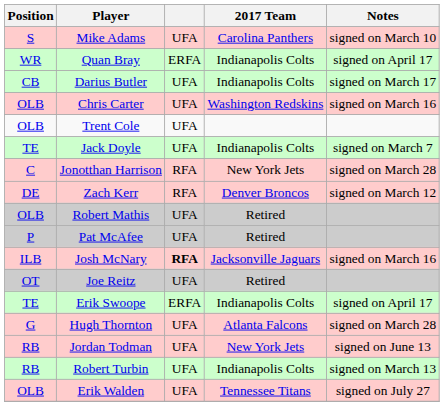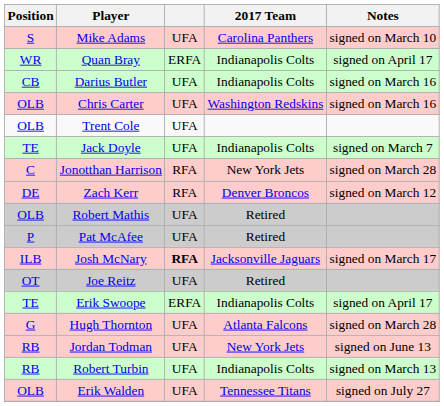 <table class="wikitable" style="font-size: 95%; text-align: center">
 <tr>
 <th>Position</th>
 <th>Player</th>
 <th></th>
 <th>2017 Team</th>
 <th>Notes</th>
 </tr>
 <tr style="background:#fcc">
 <td><a href='#'>S</a></td>
 <td><a href='#'>Mike Adams</a></td>
 <td>UFA</td>
 <td><a href='#'>Carolina Panthers</a></td>
 <td>signed on March 10</td>
 </tr>
 <tr style="background:#cfc">
 <td><a href='#'>WR</a></td>
 <td><a href='#'>Quan Bray</a></td>
 <td>ERFA</td>
 <td>Indianapolis Colts</td>
 <td>signed on April 17</td>
 </tr>
 <tr style="background:#cfc">
 <td><a href='#'>CB</a></td>
 <td><a href='#'>Darius Butler</a></td>
 <td>UFA</td>
 <td>Indianapolis Colts</td>
-<td>signed on March 17</td>
+<td>signed on March 16</td>
 </tr>
 <tr style="background:#fcc">
 <td><a href='#'>OLB</a></td>
 <td><a href='#'>Chris Carter</a></td>
 <td>UFA</td>
 <td><a href='#'>Washington Redskins</a></td>
 <td>signed on March 16</td>
 </tr>
 <tr>
 <td><a href='#'>OLB</a></td>
 <td><a href='#'>Trent Cole</a></td>
 <td>UFA</td>
 <td></td>
 <td></td>
 </tr>
 <tr style="background:#cfc">
 <td><a href='#'>TE</a></td>
 <td><a href='#'>Jack Doyle</a></td>
 <td>UFA</td>
 <td>Indianapolis Colts</td>
 <td>signed on March 7</td>
 </tr>
 <tr style="background:#fcc">
 <td><a href='#'>C</a></td>
 <td><a href='#'>Jonotthan Harrison</a></td>
 <td>RFA</td>
 <td>New York Jets</td>
 <td>signed on March 28</td>
 </tr>
 <tr style="background:#fcc">
 <td><a href='#'>DE</a></td>
 <td><a href='#'>Zach Kerr</a></td>
 <td>RFA</td>
 <td><a href='#'>Denver Broncos</a></td>
 <td>signed on March 12</td>
 </tr>
 <tr style="background:#ccc">
 <td><a href='#'>OLB</a></td>
 <td><a href='#'>Robert Mathis</a></td>
 <td>UFA</td>
 <td>Retired</td>
 <td></td>
 </tr>
 <tr style="background:#ccc">
 <td><a href='#'>P</a></td>
 <td><a href='#'>Pat McAfee</a></td>
 <td>UFA</td>
 <td>Retired</td>
 <td></td>
 </tr>
 <tr style="background:#fcc">
 <td><a href='#'>ILB</a></td>
 <td><a href='#'>Josh McNary</a></td>
 <td><strong>RFA</strong></td>
 <td><a href='#'>Jacksonville Jaguars</a></td>
-<td>signed on March 16</td>
+<td>signed on March 17</td>
 </tr>
 <tr style="background:#ccc">
 <td><a href='#'>OT</a></td>
 <td><a href='#'>Joe Reitz</a></td>
 <td>UFA</td>
 <td>Retired</td>
 <td></td>
 </tr>
 <tr style="background:#cfc">
 <td><a href='#'>TE</a></td>
 <td><a href='#'>Erik Swoope</a></td>
 <td>ERFA</td>
 <td>Indianapolis Colts</td>
 <td>signed on April 17</td>
 </tr>
 <tr style="background:#fcc">
 <td><a href='#'>G</a></td>
 <td><a href='#'>Hugh Thornton</a></td>
 <td>UFA</td>
 <td><a href='#'>Atlanta Falcons</a></td>
 <td>signed on March 28</td>
 </tr>
 <tr style="background:#fcc">
 <td><a href='#'>RB</a></td>
 <td><a href='#'>Jordan Todman</a></td>
 <td>UFA</td>
 <td><a href='#'>New York Jets</a></td>
 <td>signed on June 13</td>
 </tr>
 <tr style="background:#cfc">
 <td><a href='#'>RB</a></td>
 <td><a href='#'>Robert Turbin</a></td>
 <td>UFA</td>
 <td>Indianapolis Colts</td>
 <td>signed on March 13</td>
 </tr>
 <tr style="background:#fcc">
 <td><a href='#'>OLB</a></td>
 <td><a href='#'>Erik Walden</a></td>
 <td>UFA</td>
 <td><a href='#'>Tennessee Titans</a></td>
 <td>signed on July 27</td>
 </tr>
 <tr>
 </tr>
 </table>
